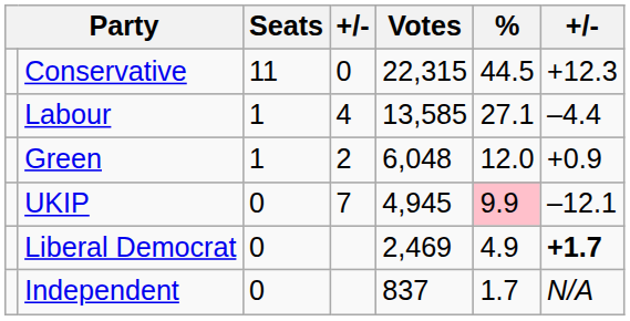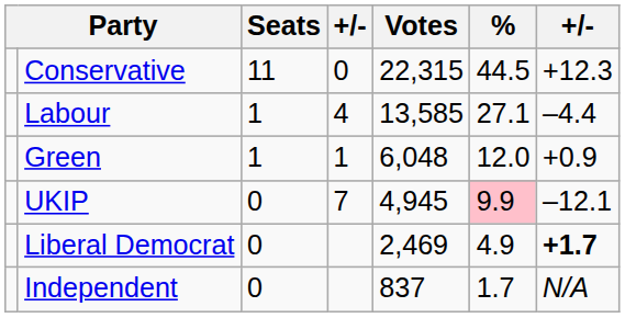 <table class="wikitable sortable">
 <tr>
 <th colspan="2">Party</th>
 <th>Seats</th>
 <th>+/-</th>
 <th>Votes</th>
 <th>%</th>
 <th>+/-</th>
 </tr>
 <tr>
 <td style="background-color: "></td>
 <td><a href='#'>Conservative</a></td>
 <td>11</td>
 <td> 0</td>
 <td>22,315</td>
 <td>44.5</td>
 <td><span>+12.3</span></td>
 </tr>
 <tr>
 <td style="background-color: "></td>
 <td><a href='#'>Labour</a></td>
 <td>1</td>
 <td> 4</td>
 <td>13,585</td>
 <td>27.1</td>
 <td><span>–4.4</span></td>
 </tr>
 <tr>
 <td style="background-color: "></td>
 <td><a href='#'>Green</a></td>
 <td>1</td>
-<td> 2</td>
+<td> 1</td>
 <td>6,048</td>
 <td>12.0</td>
 <td><span>+0.9</span></td>
 </tr>
 <tr>
 <td style="background-color: "></td>
 <td><a href='#'>UKIP</a></td>
 <td>0</td>
 <td> 7</td>
 <td>4,945</td>
 <td style="background: pink;">9.9</td>
 <td><span>–12.1</span></td>
 </tr>
 <tr>
 <td style="background-color: "></td>
 <td><a href='#'>Liberal Democrat</a></td>
 <td>0</td>
 <td></td>
 <td>2,469</td>
 <td>4.9</td>
 <td><strong><span>+1.7</span></strong></td>
 </tr>
 <tr>
 <td style="background-color: "></td>
 <td><a href='#'>Independent</a></td>
 <td>0</td>
 <td></td>
 <td>837</td>
 <td>1.7</td>
 <td><span><em>N/A</em></span></td>
 </tr>
 </table>
